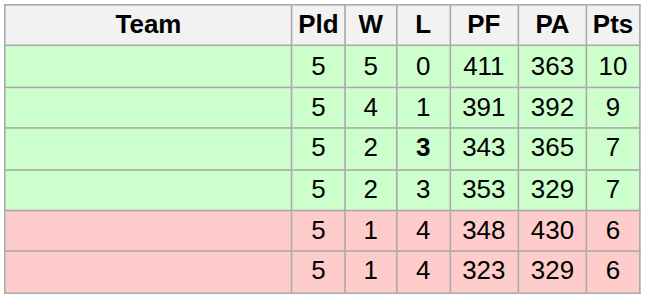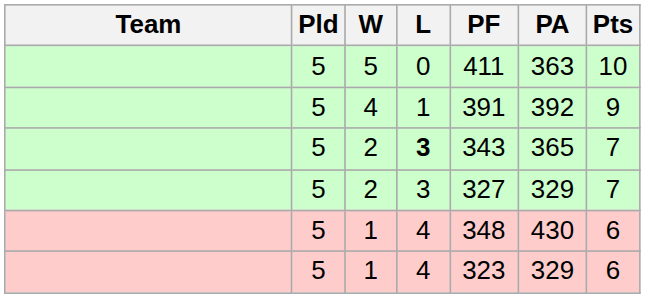 <table class="wikitable" style="text-align:center;">
 <tr>
 <th width=170>Team</th>
 <th width=25>Pld</th>
 <th width=25>W</th>
 <th width=25>L</th>
 <th width=35>PF</th>
 <th width=35>PA</th>
 <th width=25>Pts</th>
 </tr>
 <tr style="background:#ccffcc">
 <td style="text-align:left"></td>
 <td>5</td>
 <td>5</td>
 <td>0</td>
 <td>411</td>
 <td>363</td>
 <td>10</td>
 </tr>
 <tr style="background:#ccffcc">
 <td style="text-align:left"></td>
 <td>5</td>
 <td>4</td>
 <td>1</td>
 <td>391</td>
 <td>392</td>
 <td>9</td>
 </tr>
 <tr style="background:#ccffcc">
 <td style="text-align:left"></td>
 <td>5</td>
 <td>2</td>
 <td><strong>3</strong></td>
 <td>343</td>
 <td>365</td>
 <td>7</td>
 </tr>
 <tr style="background:#ccffcc">
 <td style="text-align:left"></td>
 <td>5</td>
 <td>2</td>
 <td>3</td>
-<td>353</td>
+<td>327</td>
 <td>329</td>
 <td>7</td>
 </tr>
 <tr style="background:#ffcccc">
 <td style="text-align:left"></td>
 <td>5</td>
 <td>1</td>
 <td>4</td>
 <td>348</td>
 <td>430</td>
 <td>6</td>
 </tr>
 <tr style="background:#ffcccc">
 <td style="text-align:left"></td>
 <td>5</td>
 <td>1</td>
 <td>4</td>
 <td>323</td>
 <td>329</td>
 <td>6</td>
 </tr>
 </table>
